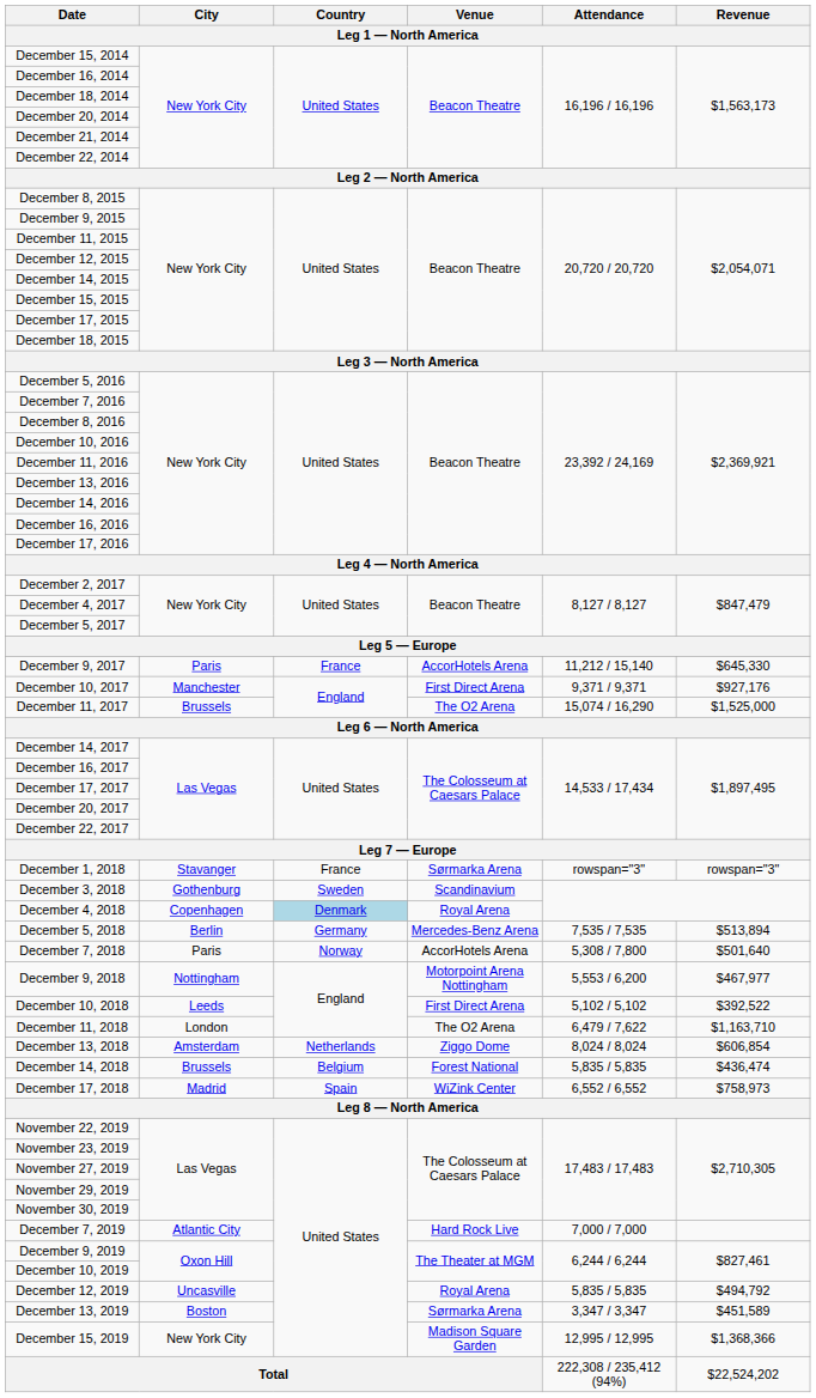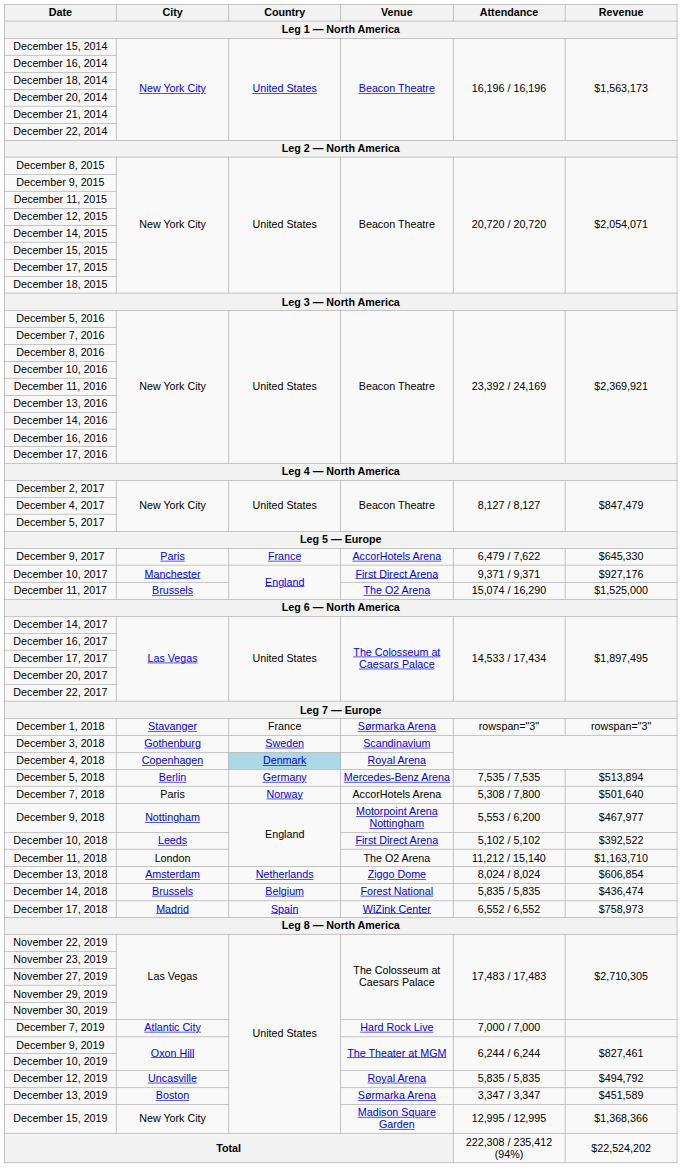 <table class="wikitable plainrowheaders" style="text-align:center;">
 <tr>
 <th scope="col" style="width:10em;">Date</th>
 <th scope="col" style="width:10em;">City</th>
 <th scope="col" style="width:10em;">Country</th>
 <th scope="col" style="width:10em;">Venue</th>
 <th scope="col" style="width:10em;">Attendance</th>
 <th scope="col" style="width:10em;">Revenue</th>
 </tr>
 <tr>
 <th colspan="6">Leg 1 — North America</th>
 </tr>
 <tr>
 <td scope="row" style="text-align:center;">December 15, 2014</td>
 <td rowspan="6"><a href='#'>New York City</a></td>
 <td rowspan="6"><a href='#'>United States</a></td>
 <td rowspan="6"><a href='#'>Beacon Theatre</a></td>
 <td rowspan="6">16,196 / 16,196</td>
 <td rowspan="6">$1,563,173</td>
 </tr>
 <tr>
 <td scope="row" style="text-align:center;">December 16, 2014</td>
 </tr>
 <tr>
 <td scope="row" style="text-align:center;">December 18, 2014</td>
 </tr>
 <tr>
 <td scope="row" style="text-align:center;">December 20, 2014</td>
 </tr>
 <tr>
 <td scope="row" style="text-align:center;">December 21, 2014</td>
 </tr>
 <tr>
 <td scope="row" style="text-align:center;">December 22, 2014</td>
 </tr>
 <tr>
 <th colspan="6">Leg 2 — North America</th>
 </tr>
 <tr>
 <td scope="row" style="text-align:center;">December 8, 2015</td>
 <td rowspan="8">New York City</td>
 <td rowspan="8">United States</td>
 <td rowspan="8">Beacon Theatre</td>
 <td rowspan="8">20,720 / 20,720</td>
 <td rowspan="8">$2,054,071</td>
 </tr>
 <tr>
 <td scope="row" style="text-align:center;">December 9, 2015</td>
 </tr>
 <tr>
 <td scope="row" style="text-align:center;">December 11, 2015</td>
 </tr>
 <tr>
 <td scope="row" style="text-align:center;">December 12, 2015</td>
 </tr>
 <tr>
 <td scope="row" style="text-align:center;">December 14, 2015</td>
 </tr>
 <tr>
 <td scope="row" style="text-align:center;">December 15, 2015</td>
 </tr>
 <tr>
 <td scope="row" style="text-align:center;">December 17, 2015</td>
 </tr>
 <tr>
 <td scope="row" style="text-align:center;">December 18, 2015</td>
 </tr>
 <tr>
 <th colspan="6">Leg 3 — North America</th>
 </tr>
 <tr>
 <td scope="row" style="text-align:center;">December 5, 2016</td>
 <td rowspan="9">New York City</td>
 <td rowspan="9">United States</td>
 <td rowspan="9">Beacon Theatre</td>
 <td rowspan="9">23,392 / 24,169</td>
 <td rowspan="9">$2,369,921</td>
 </tr>
 <tr>
 <td scope="row" style="text-align:center;">December 7, 2016</td>
 </tr>
 <tr>
 <td scope="row" style="text-align:center;">December 8, 2016</td>
 </tr>
 <tr>
 <td scope="row" style="text-align:center;">December 10, 2016</td>
 </tr>
 <tr>
 <td scope="row" style="text-align:center;">December 11, 2016</td>
 </tr>
 <tr>
 <td scope="row" style="text-align:center;">December 13, 2016</td>
 </tr>
 <tr>
 <td scope="row" style="text-align:center;">December 14, 2016</td>
 </tr>
 <tr>
 <td scope="row" style="text-align:center;">December 16, 2016</td>
 </tr>
 <tr>
 <td scope="row" style="text-align:center;">December 17, 2016</td>
 </tr>
 <tr>
 <th colspan="6">Leg 4 — North America</th>
 </tr>
 <tr>
 <td scope="row" style="text-align:center;">December 2, 2017</td>
 <td rowspan="3">New York City</td>
 <td rowspan="3">United States</td>
 <td rowspan="3">Beacon Theatre</td>
 <td rowspan="3">8,127 / 8,127</td>
 <td rowspan="3">$847,479</td>
 </tr>
 <tr>
 <td scope="row" style="text-align:center;">December 4, 2017</td>
 </tr>
 <tr>
 <td scope="row" style="text-align:center;">December 5, 2017</td>
 </tr>
 <tr>
 <th colspan="6">Leg 5 — Europe</th>
 </tr>
 <tr>
 <td scope="row" style="text-align:center;">December 9, 2017</td>
 <td><a href='#'>Paris</a></td>
 <td><a href='#'>France</a></td>
 <td><a href='#'>AccorHotels Arena</a></td>
-<td>11,212 / 15,140</td>
+<td>6,479 / 7,622</td>
 <td>$645,330</td>
 </tr>
 <tr>
 <td scope="row" style="text-align:center;">December 10, 2017</td>
 <td><a href='#'>Manchester</a></td>
 <td rowspan="2"><a href='#'>England</a></td>
 <td><a href='#'>First Direct Arena</a></td>
 <td>9,371 / 9,371</td>
 <td>$927,176</td>
 </tr>
 <tr>
 <td scope="row" style="text-align:center;">December 11, 2017</td>
 <td><a href='#'>Brussels</a></td>
 <td><a href='#'>The O2 Arena</a></td>
 <td>15,074 / 16,290</td>
 <td>$1,525,000</td>
 </tr>
 <tr>
 <th colspan="6">Leg 6 — North America</th>
 </tr>
 <tr>
 <td scope="row" style="text-align:center;">December 14, 2017</td>
 <td rowspan="5"><a href='#'>Las Vegas</a></td>
 <td rowspan="5">United States</td>
 <td rowspan="5"><a href='#'>The Colosseum at Caesars Palace</a></td>
 <td rowspan="5">14,533 / 17,434</td>
 <td rowspan="5">$1,897,495</td>
 </tr>
 <tr>
 <td scope="row" style="text-align:center;">December 16, 2017</td>
 </tr>
 <tr>
 <td scope="row" style="text-align:center;">December 17, 2017</td>
 </tr>
 <tr>
 <td scope="row" style="text-align:center;">December 20, 2017</td>
 </tr>
 <tr>
 <td scope="row" style="text-align:center;">December 22, 2017</td>
 </tr>
 <tr>
 <th colspan="6">Leg 7 — Europe</th>
 </tr>
 <tr>
 <td scope="row" style="text-align:center;">December 1, 2018</td>
 <td><a href='#'>Stavanger</a></td>
 <td>France</td>
 <td><a href='#'>Sørmarka Arena</a></td>
 <td>rowspan="3" </td>
 <td>rowspan="3" </td>
 </tr>
 <tr>
 <td scope="row" style="text-align:center;">December 3, 2018</td>
 <td><a href='#'>Gothenburg</a></td>
 <td><a href='#'>Sweden</a></td>
 <td><a href='#'>Scandinavium</a></td>
 </tr>
 <tr>
 <td scope="row" style="text-align:center;">December 4, 2018</td>
 <td><a href='#'>Copenhagen</a></td>
 <td style="background: lightblue;"><a href='#'>Denmark</a></td>
 <td><a href='#'>Royal Arena</a></td>
 </tr>
 <tr>
 <td scope="row" style="text-align:center;">December 5, 2018</td>
 <td><a href='#'>Berlin</a></td>
 <td><a href='#'>Germany</a></td>
 <td><a href='#'>Mercedes-Benz Arena</a></td>
 <td>7,535 / 7,535</td>
 <td>$513,894</td>
 </tr>
 <tr>
 <td scope="row" style="text-align:center;">December 7, 2018</td>
 <td>Paris</td>
 <td><a href='#'>Norway</a></td>
 <td>AccorHotels Arena</td>
 <td>5,308 / 7,800</td>
 <td>$501,640</td>
 </tr>
 <tr>
 <td scope="row" style="text-align:center;">December 9, 2018</td>
 <td><a href='#'>Nottingham</a></td>
 <td rowspan="3">England</td>
 <td><a href='#'>Motorpoint Arena Nottingham</a></td>
 <td>5,553 / 6,200</td>
 <td>$467,977</td>
 </tr>
 <tr>
 <td scope="row" style="text-align:center;">December 10, 2018</td>
 <td><a href='#'>Leeds</a></td>
 <td><a href='#'>First Direct Arena</a></td>
 <td>5,102 / 5,102</td>
 <td>$392,522</td>
 </tr>
 <tr>
 <td scope="row" style="text-align:center;">December 11, 2018</td>
 <td>London</td>
 <td>The O2 Arena</td>
-<td>6,479 / 7,622</td>
+<td>11,212 / 15,140</td>
 <td>$1,163,710</td>
 </tr>
 <tr>
 <td scope="row" style="text-align:center;">December 13, 2018</td>
 <td><a href='#'>Amsterdam</a></td>
 <td><a href='#'>Netherlands</a></td>
 <td><a href='#'>Ziggo Dome</a></td>
 <td>8,024 / 8,024</td>
 <td>$606,854</td>
 </tr>
 <tr>
 <td scope="row" style="text-align:center;">December 14, 2018</td>
 <td><a href='#'>Brussels</a></td>
 <td><a href='#'>Belgium</a></td>
 <td><a href='#'>Forest National</a></td>
 <td>5,835 / 5,835</td>
 <td>$436,474</td>
 </tr>
 <tr>
 <td scope="row" style="text-align:center;">December 17, 2018</td>
 <td><a href='#'>Madrid</a></td>
 <td><a href='#'>Spain</a></td>
 <td><a href='#'>WiZink Center</a></td>
 <td>6,552 / 6,552</td>
 <td>$758,973</td>
 </tr>
 <tr>
 <th colspan="6">Leg 8 — North America</th>
 </tr>
 <tr>
 <td scope="row" style="text-align:center;">November 22, 2019</td>
 <td rowspan="5">Las Vegas</td>
 <td rowspan="11">United States</td>
 <td rowspan="5">The Colosseum at Caesars Palace</td>
 <td rowspan="5">17,483 / 17,483</td>
 <td rowspan="5">$2,710,305</td>
 </tr>
 <tr>
 <td scope="row" style="text-align:center;">November 23, 2019</td>
 </tr>
 <tr>
 <td scope="row" style="text-align:center;">November 27, 2019</td>
 </tr>
 <tr>
 <td scope="row" style="text-align:center;">November 29, 2019</td>
 </tr>
 <tr>
 <td scope="row" style="text-align:center;">November 30, 2019</td>
 </tr>
 <tr>
 <td scope="row" style="text-align:center;">December 7, 2019</td>
 <td><a href='#'>Atlantic City</a></td>
 <td><a href='#'>Hard Rock Live</a></td>
 <td>7,000 / 7,000</td>
 <td></td>
 </tr>
 <tr>
 <td scope="row" style="text-align:center;">December 9, 2019</td>
 <td rowspan="2"><a href='#'>Oxon Hill</a></td>
 <td rowspan="2"><a href='#'>The Theater at MGM</a></td>
 <td rowspan="2">6,244 / 6,244</td>
 <td rowspan="2">$827,461</td>
 </tr>
 <tr>
 <td scope="row" style="text-align:center;">December 10, 2019</td>
 </tr>
 <tr>
 <td scope="row" style="text-align:center;">December 12, 2019</td>
 <td><a href='#'>Uncasville</a></td>
 <td><a href='#'>Royal Arena</a></td>
 <td>5,835 / 5,835</td>
 <td>$494,792</td>
 </tr>
 <tr>
 <td scope="row" style="text-align:center;">December 13, 2019</td>
 <td><a href='#'>Boston</a></td>
 <td><a href='#'>Sørmarka Arena</a></td>
 <td>3,347 / 3,347</td>
 <td>$451,589</td>
 </tr>
 <tr>
 <td scope="row" style="text-align:center;">December 15, 2019</td>
 <td>New York City</td>
 <td><a href='#'>Madison Square Garden</a></td>
 <td>12,995 / 12,995</td>
 <td>$1,368,366</td>
 </tr>
 <tr>
 <th colspan="4"><strong>Total</strong></th>
 <td>222,308 / 235,412<br>(94%)</td>
 <td>$22,524,202</td>
 </tr>
 </table>
